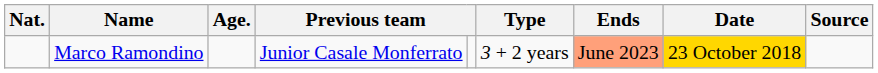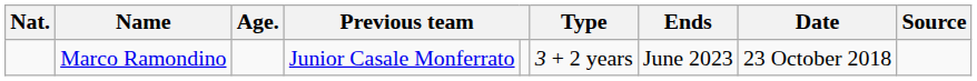 <table class="wikitable sortable">
 <tr>
 <th>Nat.</th>
 <th>Name</th>
 <th>Age.</th>
 <th colspan=2>Previous team</th>
 <th>Type</th>
 <th>Ends</th>
 <th>Date</th>
 <th>Source</th>
 </tr>
 <tr>
 <td style="text-align: center;"></td>
 <td><a href='#'>Marco Ramondino</a></td>
 <td style="text-align: center;"></td>
 <td><a href='#'>Junior Casale Monferrato</a></td>
 <td style="text-align: center;"></td>
 <td><em>3</em> + 2 years</td>
-<td style="background: lightsalmon;">June 2023</td>
-<td style="background: gold;">23 October 2018</td>
+<td>June 2023</td>
+<td>23 October 2018</td>
 <td style="text-align: center;"></td>
 </tr>
 </table>
